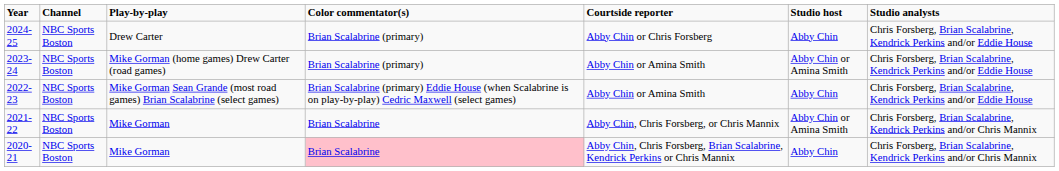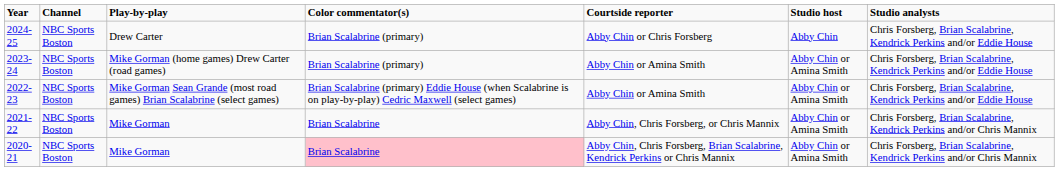 <table class="wikitable">
 <tr>
 <td><strong>Year</strong></td>
 <td><strong>Channel</strong></td>
 <td><strong>Play-by-play</strong></td>
 <td><strong>Color commentator(s)</strong></td>
 <td><strong>Courtside reporter</strong></td>
 <td><strong>Studio host</strong></td>
 <td><strong>Studio analysts</strong></td>
 </tr>
 <tr>
 <td><a href='#'>2024-25</a></td>
 <td><a href='#'>NBC Sports Boston</a></td>
 <td>Drew Carter</td>
 <td><a href='#'>Brian Scalabrine</a> (primary)</td>
 <td><a href='#'>Abby Chin</a> or Chris Forsberg</td>
 <td><a href='#'>Abby Chin</a></td>
 <td>Chris Forsberg, <a href='#'>Brian Scalabrine</a>, <a href='#'>Kendrick Perkins</a> and/or <a href='#'>Eddie House</a></td>
 </tr>
 <tr>
 <td><a href='#'>2023-24</a></td>
 <td><a href='#'>NBC Sports Boston</a></td>
 <td><a href='#'>Mike Gorman</a> (home games) Drew Carter (road games)</td>
 <td><a href='#'>Brian Scalabrine</a> (primary)</td>
 <td><a href='#'>Abby Chin</a> or Amina Smith</td>
 <td><a href='#'>Abby Chin</a> or Amina Smith</td>
 <td>Chris Forsberg, <a href='#'>Brian Scalabrine</a>, <a href='#'>Kendrick Perkins</a> and/or <a href='#'>Eddie House</a></td>
 </tr>
 <tr>
 <td><a href='#'>2022-23</a></td>
 <td><a href='#'>NBC Sports Boston</a></td>
 <td><a href='#'>Mike Gorman</a> <a href='#'>Sean Grande</a> (most road games) <a href='#'>Brian Scalabrine</a> (select games)</td>
 <td><a href='#'>Brian Scalabrine</a> (primary) <a href='#'>Eddie House</a> (when Scalabrine is on play-by-play) <a href='#'>Cedric Maxwell</a> (select games)</td>
 <td><a href='#'>Abby Chin</a> or Amina Smith</td>
-<td><a href='#'>Abby Chin</a></td>
+<td><a href='#'>Abby Chin</a> or Amina Smith</td>
 <td>Chris Forsberg, <a href='#'>Brian Scalabrine</a>, <a href='#'>Kendrick Perkins</a> and/or <a href='#'>Eddie House</a></td>
 </tr>
 <tr>
 <td><a href='#'>2021-22</a></td>
 <td><a href='#'>NBC Sports Boston</a></td>
 <td><a href='#'>Mike Gorman</a></td>
 <td><a href='#'>Brian Scalabrine</a></td>
 <td><a href='#'>Abby Chin</a>, Chris Forsberg, or Chris Mannix</td>
 <td><a href='#'>Abby Chin</a> or Amina Smith</td>
 <td>Chris Forsberg, <a href='#'>Brian Scalabrine</a>, <a href='#'>Kendrick Perkins</a> and/or Chris Mannix</td>
 </tr>
 <tr>
 <td><a href='#'>2020-21</a></td>
 <td><a href='#'>NBC Sports Boston</a></td>
 <td><a href='#'>Mike Gorman</a></td>
 <td style="background: pink;"><a href='#'>Brian Scalabrine</a></td>
 <td><a href='#'>Abby Chin</a>, Chris Forsberg, <a href='#'>Brian Scalabrine</a>, <a href='#'>Kendrick Perkins</a> or Chris Mannix</td>
-<td><a href='#'>Abby Chin</a></td>
+<td><a href='#'>Abby Chin</a> or Amina Smith</td>
 <td>Chris Forsberg, <a href='#'>Brian Scalabrine</a>, <a href='#'>Kendrick Perkins</a> and/or Chris Mannix</td>
 </tr>
 </table>
